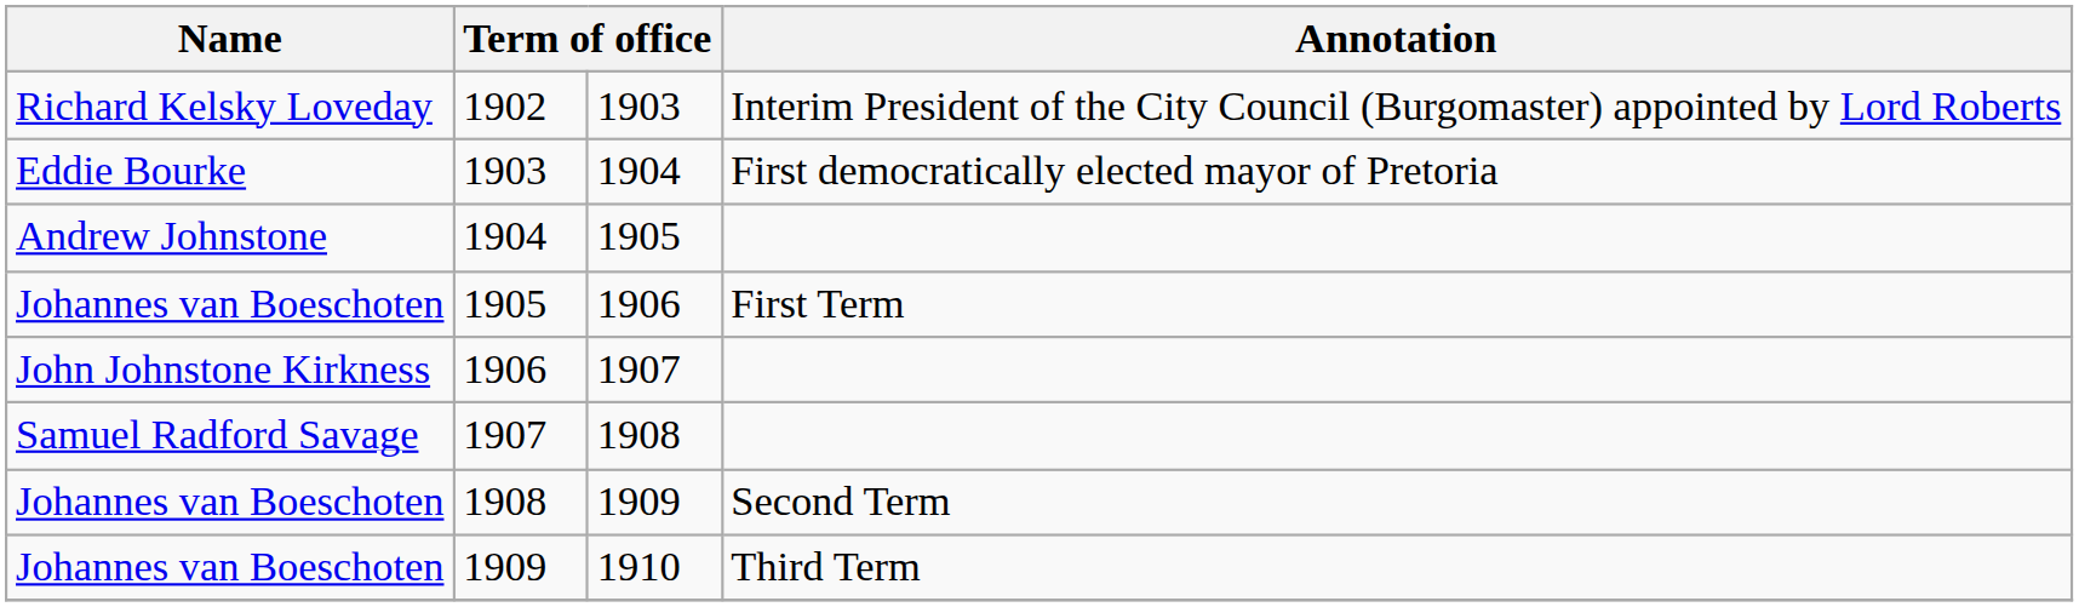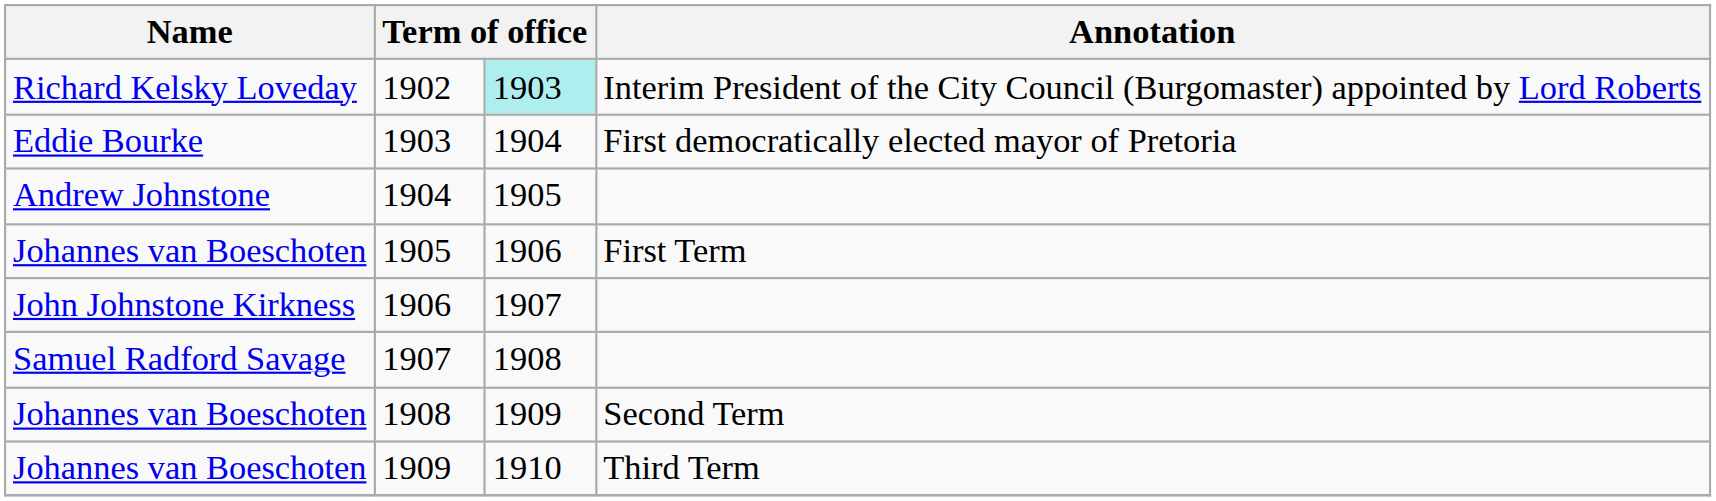 <table class="wikitable">
 <tr>
 <th colspan=1>Name</th>
 <th colspan=2>Term of office</th>
 <th colspan=1>Annotation</th>
 </tr>
 <tr>
 <td><a href='#'>Richard Kelsky Loveday</a></td>
 <td>1902</td>
-<td>1903</td>
+<td style="background: paleturquoise;">1903</td>
 <td>Interim President of the City Council (Burgomaster) appointed by <a href='#'>Lord Roberts</a></td>
 </tr>
 <tr>
 <td><a href='#'>Eddie Bourke</a></td>
 <td>1903</td>
 <td>1904</td>
 <td>First democratically elected mayor of Pretoria</td>
 </tr>
 <tr>
 <td><a href='#'>Andrew Johnstone</a></td>
 <td>1904</td>
 <td>1905</td>
 <td></td>
 </tr>
 <tr>
 <td><a href='#'>Johannes van Boeschoten</a></td>
 <td>1905</td>
 <td>1906</td>
 <td>First Term</td>
 </tr>
 <tr>
 <td><a href='#'>John Johnstone Kirkness</a></td>
 <td>1906</td>
 <td>1907</td>
 <td></td>
 </tr>
 <tr>
 <td><a href='#'>Samuel Radford Savage</a></td>
 <td>1907</td>
 <td>1908</td>
 <td></td>
 </tr>
 <tr>
 <td><a href='#'>Johannes van Boeschoten</a></td>
 <td>1908</td>
 <td>1909</td>
 <td>Second Term</td>
 </tr>
 <tr>
 <td><a href='#'>Johannes van Boeschoten</a></td>
 <td>1909</td>
 <td>1910</td>
 <td>Third Term</td>
 </tr>
 <tr>
 </tr>
 </table>
